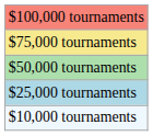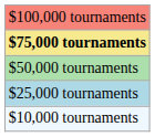 <table class="wikitable" style="font-size:85%;">
 <tr bgcolor="#F88379">
 <td>$100,000 tournaments</td>
 </tr>
 <tr bgcolor="#F7E98E">
-<td>$75,000 tournaments</td>
+<td><strong>$75,000 tournaments</strong></td>
 </tr>
 <tr bgcolor="#ADDFAD">
 <td>$50,000 tournaments</td>
 </tr>
 <tr bgcolor=lightblue>
 <td>$25,000 tournaments</td>
 </tr>
 <tr bgcolor="#f0f8ff">
 <td>$10,000 tournaments</td>
 </tr>
 </table>
